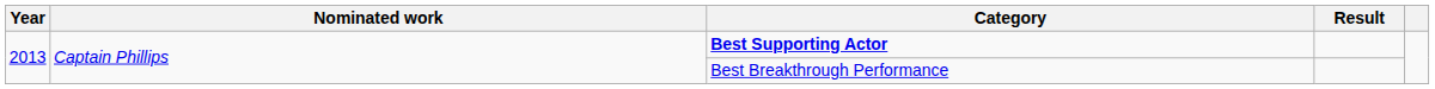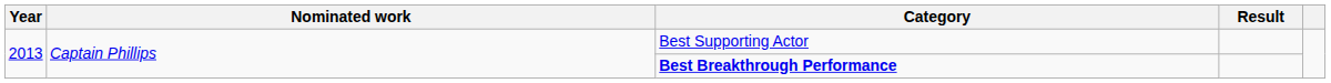 <table class=wikitable>
 <tr>
 <th scope="col" style="width:1em;">Year</th>
 <th scope="col" style="width:39em;">Nominated work</th>
 <th scope="col" style="width:36em;">Category</th>
 <th scope="col" style="width:5em;">Result</th>
 <th scope="col" style="width:1em;"></th>
 </tr>
 <tr>
 <td rowspan="2"><a href='#'>2013</a></td>
 <td rowspan="2"><em><a href='#'>Captain Phillips</a></em></td>
-<td><strong><a href='#'>Best Supporting Actor</a></strong></td>
+<td><a href='#'>Best Supporting Actor</a></td>
 <td></td>
 <td rowspan="2"></td>
 </tr>
 <tr>
-<td><a href='#'>Best Breakthrough Performance</a></td>
+<td><strong><a href='#'>Best Breakthrough Performance</a></strong></td>
 <td></td>
 </tr>
 </table>
